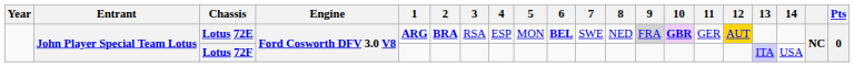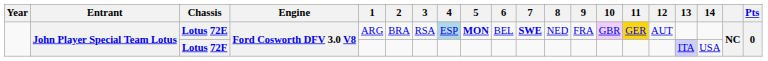 <table class="wikitable" style="text-align:center; font-size:90%">
 <tr>
 <th>Year</th>
 <th>Entrant</th>
 <th>Chassis</th>
 <th>Engine</th>
 <th>1</th>
 <th>2</th>
 <th>3</th>
 <th>4</th>
 <th>5</th>
 <th>6</th>
 <th>7</th>
 <th>8</th>
 <th>9</th>
 <th>10</th>
 <th>11</th>
 <th>12</th>
 <th>13</th>
 <th>14</th>
 <th></th>
 <th><a href='#'>Pts</a></th>
 </tr>
 <tr>
 <td rowspan=2></td>
 <th rowspan=2><a href='#'>John Player Special Team Lotus</a></th>
 <th><a href='#'>Lotus</a> <a href='#'>72E</a></th>
 <th rowspan=2><a href='#'>Ford Cosworth DFV</a> 3.0 <a href='#'>V8</a></th>
-<td><strong><a href='#'>ARG</a></strong></td>
-<td><strong><a href='#'>BRA</a></strong></td>
+<td><a href='#'>ARG</a></td>
+<td><a href='#'>BRA</a></td>
 <td><a href='#'>RSA</a></td>
-<td><a href='#'>ESP</a></td>
-<td><a href='#'>MON</a></td>
-<td><strong><a href='#'>BEL</a></strong></td>
-<td><a href='#'>SWE</a></td>
+<td style="background: lightblue;"><a href='#'>ESP</a></td>
+<td><strong><a href='#'>MON</a></strong></td>
+<td><a href='#'>BEL</a></td>
+<td><strong><a href='#'>SWE</a></strong></td>
 <td><a href='#'>NED</a></td>
-<td style="background: lightgrey;"><a href='#'>FRA</a></td>
-<td style="background:#EFCFFF;"><strong><a href='#'>GBR</a><br></strong></td>
-<td><a href='#'>GER</a></td>
-<td style="background: gold;"><a href='#'>AUT</a></td>
+<td><a href='#'>FRA</a></td>
+<td style="background:#EFCFFF;"><a href='#'>GBR</a><br></td>
+<td style="background: gold;"><a href='#'>GER</a></td>
+<td><a href='#'>AUT</a></td>
 <td></td>
 <td></td>
 <th rowspan=2>NC</th>
 <th rowspan=2>0</th>
 </tr>
 <tr>
 <th><a href='#'>Lotus</a> <a href='#'>72F</a></th>
 <td></td>
 <td></td>
 <td></td>
 <td></td>
 <td></td>
 <td></td>
 <td></td>
 <td></td>
 <td></td>
 <td></td>
 <td></td>
 <td></td>
 <td style="background:#CFCFFF;"><a href='#'>ITA</a><br></td>
 <td><a href='#'>USA</a></td>
 </tr>
 </table>
